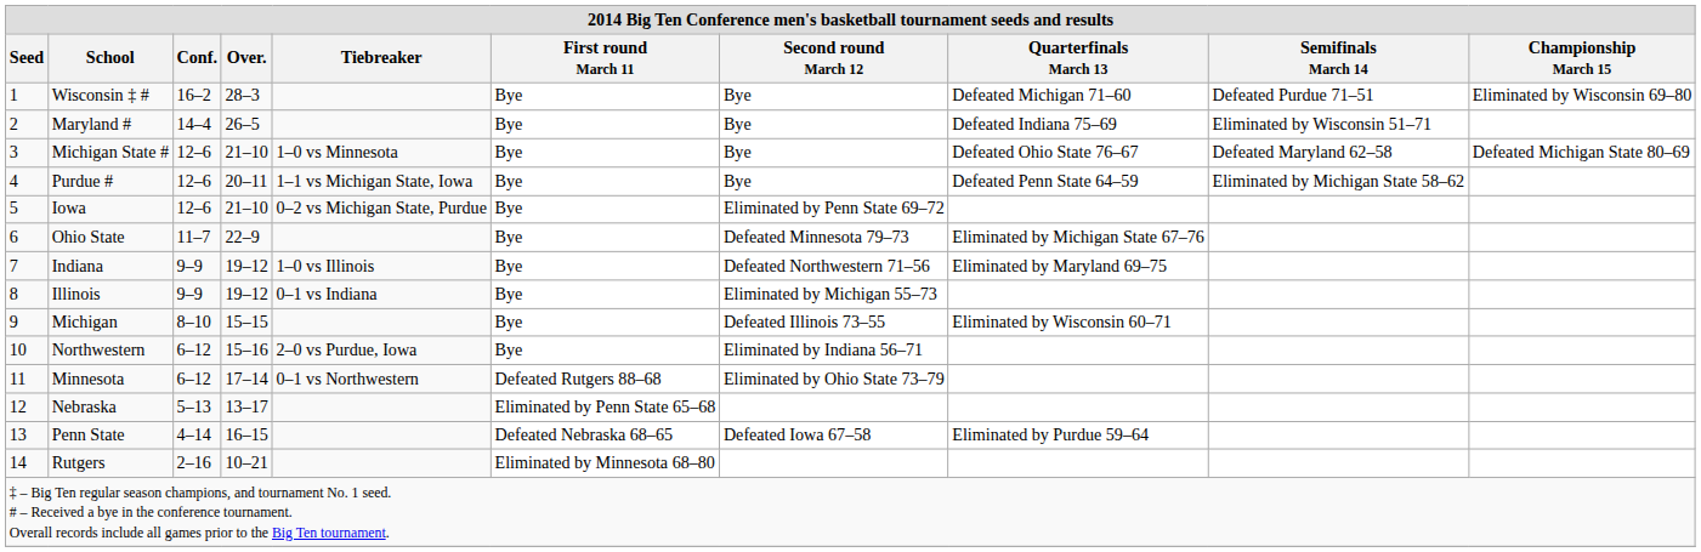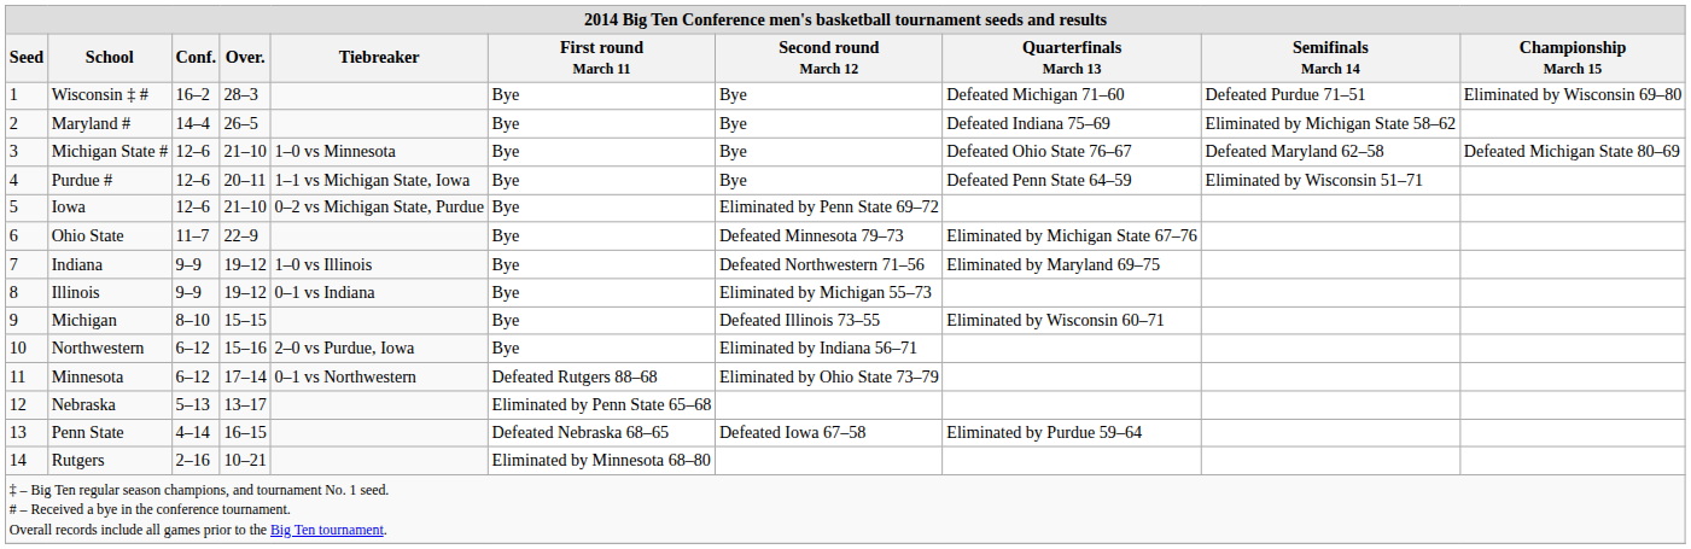 <table class="wikitable" style="white-space:nowrap; font-size:90%;">
 <tr>
 <td colspan="11" style="text-align:center; background:#DDDDDD; font:#000000"><strong>2014 Big Ten Conference men's basketball tournament seeds and results</strong></td>
 </tr>
 <tr>
 <th>Seed</th>
 <th>School</th>
 <th>Conf.</th>
 <th>Over.</th>
 <th>Tiebreaker</th>
 <th>First round<br><small>March 11</small></th>
 <th>Second round<br><small>March 12</small></th>
 <th>Quarterfinals<br><small>March 13</small></th>
 <th>Semifinals<br><small>March 14</small></th>
 <th>Championship<br><small>March 15</small></th>
 </tr>
 <tr>
 <td>1</td>
 <td>Wisconsin ‡ #</td>
 <td>16–2</td>
 <td>28–3</td>
 <td></td>
 <td style="background:#fff;">Bye</td>
 <td style="background:#fff;">Bye</td>
 <td style="background:#fff;">Defeated Michigan 71–60</td>
 <td style="background:#fff;">Defeated Purdue 71–51</td>
 <td style="background:#fff;">Eliminated by Wisconsin 69–80</td>
 </tr>
 <tr>
 <td>2</td>
 <td>Maryland #</td>
 <td>14–4</td>
 <td>26–5</td>
 <td></td>
 <td style="background:#fff;">Bye</td>
 <td style="background:#fff;">Bye</td>
 <td style="background:#fff;">Defeated Indiana 75–69</td>
-<td style="background:#fff;">Eliminated by Wisconsin 51–71</td>
+<td style="background:#fff;">Eliminated by Michigan State 58–62</td>
 <td style="background:#fff;"></td>
 </tr>
 <tr>
 <td>3</td>
 <td>Michigan State #</td>
 <td>12–6</td>
 <td>21–10</td>
 <td>1–0 vs Minnesota</td>
 <td style="background:#fff;">Bye</td>
 <td style="background:#fff;">Bye</td>
 <td style="background:#fff;">Defeated Ohio State 76–67</td>
 <td style="background:#fff;">Defeated Maryland 62–58</td>
 <td style="background:#fff;">Defeated Michigan State 80–69</td>
 </tr>
 <tr>
 <td>4</td>
 <td>Purdue #</td>
 <td>12–6</td>
 <td>20–11</td>
 <td>1–1 vs Michigan State, Iowa</td>
 <td style="background:#fff;">Bye</td>
 <td style="background:#fff;">Bye</td>
 <td style="background:#fff;">Defeated Penn State 64–59</td>
-<td style="background:#fff;">Eliminated by Michigan State 58–62</td>
+<td style="background:#fff;">Eliminated by Wisconsin 51–71</td>
 <td style="background:#fff;"></td>
 </tr>
 <tr>
 <td>5</td>
 <td>Iowa</td>
 <td>12–6</td>
 <td>21–10</td>
 <td>0–2 vs Michigan State, Purdue</td>
 <td style="background:#fff;">Bye</td>
 <td style="background:#fff;">Eliminated by Penn State 69–72</td>
 <td style="background:#fff;"></td>
 <td style="background:#fff;"></td>
 <td style="background:#fff;"></td>
 </tr>
 <tr>
 <td>6</td>
 <td>Ohio State</td>
 <td>11–7</td>
 <td>22–9</td>
 <td></td>
 <td style="background:#fff;">Bye</td>
 <td style="background:#fff;">Defeated Minnesota 79–73</td>
 <td style="background:#fff;">Eliminated by Michigan State 67–76</td>
 <td style="background:#fff;"></td>
 <td style="background:#fff;"></td>
 </tr>
 <tr>
 <td>7</td>
 <td>Indiana</td>
 <td>9–9</td>
 <td>19–12</td>
 <td>1–0 vs Illinois</td>
 <td style="background:#fff;">Bye</td>
 <td style="background:#fff;">Defeated Northwestern 71–56</td>
 <td style="background:#fff;">Eliminated by Maryland 69–75</td>
 <td style="background:#fff;"></td>
 <td style="background:#fff;"></td>
 </tr>
 <tr>
 <td>8</td>
 <td>Illinois</td>
 <td>9–9</td>
 <td>19–12</td>
 <td>0–1 vs Indiana</td>
 <td style="background:#fff;">Bye</td>
 <td style="background:#fff;">Eliminated by Michigan 55–73</td>
 <td style="background:#fff;"></td>
 <td style="background:#fff;"></td>
 <td style="background:#fff;"></td>
 </tr>
 <tr>
 <td>9</td>
 <td>Michigan</td>
 <td>8–10</td>
 <td>15–15</td>
 <td></td>
 <td style="background:#fff;">Bye</td>
 <td style="background:#fff;">Defeated Illinois 73–55</td>
 <td style="background:#fff;">Eliminated by Wisconsin 60–71</td>
 <td style="background:#fff;"></td>
 <td style="background:#fff;"></td>
 </tr>
 <tr>
 <td>10</td>
 <td>Northwestern</td>
 <td>6–12</td>
 <td>15–16</td>
 <td>2–0 vs Purdue, Iowa</td>
 <td style="background:#fff;">Bye</td>
 <td style="background:#fff;">Eliminated by Indiana 56–71</td>
 <td style="background:#fff;"></td>
 <td style="background:#fff;"></td>
 <td style="background:#fff;"></td>
 </tr>
 <tr>
 <td>11</td>
 <td>Minnesota</td>
 <td>6–12</td>
 <td>17–14</td>
 <td>0–1 vs Northwestern</td>
 <td style="background:#fff;">Defeated Rutgers 88–68</td>
 <td style="background:#fff;">Eliminated by Ohio State 73–79</td>
 <td style="background:#fff;"></td>
 <td style="background:#fff;"></td>
 <td style="background:#fff;"></td>
 </tr>
 <tr>
 <td>12</td>
 <td>Nebraska</td>
 <td>5–13</td>
 <td>13–17</td>
 <td></td>
 <td style="background:#fff;">Eliminated by Penn State 65–68</td>
 <td style="background:#fff;"></td>
 <td style="background:#fff;"></td>
 <td style="background:#fff;"></td>
 <td style="background:#fff;"></td>
 </tr>
 <tr>
 <td>13</td>
 <td>Penn State</td>
 <td>4–14</td>
 <td>16–15</td>
 <td></td>
 <td style="background:#fff;">Defeated Nebraska 68–65</td>
 <td style="background:#fff;">Defeated Iowa 67–58</td>
 <td style="background:#fff;">Eliminated by Purdue 59–64</td>
 <td style="background:#fff;"></td>
 <td style="background:#fff;"></td>
 </tr>
 <tr>
 <td>14</td>
 <td>Rutgers</td>
 <td>2–16</td>
 <td>10–21</td>
 <td></td>
 <td style="background:#fff;">Eliminated by Minnesota 68–80</td>
 <td style="background:#fff;"></td>
 <td style="background:#fff;"></td>
 <td style="background:#fff;"></td>
 <td style="background:#fff;"></td>
 </tr>
 <tr>
 <td colspan="10" style="text-align:left;"><small>‡ – Big Ten regular season champions, and tournament No. 1 seed.<br># – Received a bye in the conference tournament.<br>Overall records include all games prior to the <a href='#'>Big Ten tournament</a>.</small></td>
 </tr>
 <tr>
 </tr>
 </table>
